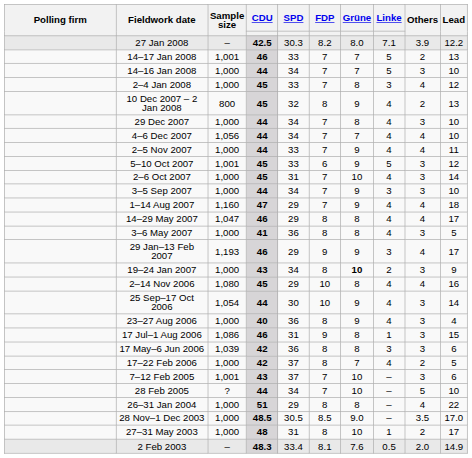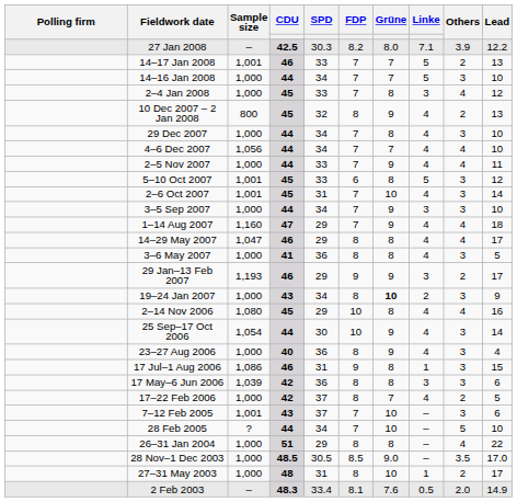 <table class="wikitable sortable" style="text-align:center;font-size:90%;line-height:14px;">
 <tr style="height:40px;">
 <th style="width:160px;" rowspan="2">Polling firm</th>
 <th style="width:130px;" rowspan="2">Fieldwork date</th>
 <th style="width:35px;" rowspan="2">Sample<br>size</th>
 <th class="unsortable" style="width:40px;"><a href='#'>CDU</a></th>
 <th class="unsortable" style="width:40px;"><a href='#'>SPD</a></th>
 <th class="unsortable" style="width:40px;"><a href='#'>FDP</a></th>
 <th class="unsortable" style="width:40px;"><a href='#'>Grüne</a></th>
 <th class="unsortable" style="width:40px;"><a href='#'>Linke</a></th>
 <th class="unsortable" style="width:40px;" rowspan="2">Others</th>
 <th style="width:30px;" rowspan="2">Lead</th>
 </tr>
 <tr>
 <th style="background:"></th>
 <th style="background:"></th>
 <th style="background:"></th>
 <th style="background:"></th>
 <th style="background:"></th>
 </tr>
 <tr style="background:#E9E9E9;">
 <td></td>
 <td data-sort-value="2008-01-27">27 Jan 2008</td>
 <td>–</td>
 <td style="background:#D7D5D7;"><strong>42.5</strong></td>
 <td>30.3</td>
 <td>8.2</td>
 <td>8.0</td>
 <td>7.1</td>
 <td>3.9</td>
 <td style="background:">12.2</td>
 </tr>
 <tr>
 <td></td>
 <td data-sort-value="2008-01-18">14–17 Jan 2008</td>
 <td>1,001</td>
 <td style="background:#D7D5D7;"><strong>46</strong></td>
 <td>33</td>
 <td>7</td>
 <td>7</td>
 <td>5</td>
 <td>2</td>
 <td style="background:">13</td>
 </tr>
 <tr>
 <td></td>
 <td data-sort-value="2008-01-17">14–16 Jan 2008</td>
 <td>1,000</td>
 <td style="background:#D7D5D7;"><strong>44</strong></td>
 <td>34</td>
 <td>7</td>
 <td>7</td>
 <td>5</td>
 <td>3</td>
 <td style="background:">10</td>
 </tr>
 <tr>
 <td></td>
 <td data-sort-value="2008-01-07">2–4 Jan 2008</td>
 <td>1,000</td>
 <td style="background:#D7D5D7;"><strong>45</strong></td>
 <td>33</td>
 <td>7</td>
 <td>8</td>
 <td>3</td>
 <td>4</td>
 <td style="background:">12</td>
 </tr>
 <tr>
 <td></td>
 <td data-sort-value="2008-01-05">10 Dec 2007 – 2 Jan 2008</td>
 <td>800</td>
 <td style="background:#D7D5D7;"><strong>45</strong></td>
 <td>32</td>
 <td>8</td>
 <td>9</td>
 <td>4</td>
 <td>2</td>
 <td style="background:">13</td>
 </tr>
 <tr>
 <td></td>
 <td data-sort-value="2007-12-29">29 Dec 2007</td>
 <td>1,000</td>
 <td style="background:#D7D5D7;"><strong>44</strong></td>
 <td>34</td>
 <td>7</td>
 <td>8</td>
 <td>4</td>
 <td>3</td>
 <td style="background:">10</td>
 </tr>
 <tr>
 <td></td>
 <td data-sort-value="2007-12-07">4–6 Dec 2007</td>
 <td>1,056</td>
 <td style="background:#D7D5D7;"><strong>44</strong></td>
 <td>34</td>
 <td>7</td>
 <td>7</td>
 <td>4</td>
 <td>4</td>
 <td style="background:">10</td>
 </tr>
 <tr>
 <td></td>
 <td data-sort-value="2007-11-07">2–5 Nov 2007</td>
 <td>1,000</td>
 <td style="background:#D7D5D7;"><strong>44</strong></td>
 <td>33</td>
 <td>7</td>
 <td>9</td>
 <td>4</td>
 <td>4</td>
 <td style="background:">11</td>
 </tr>
 <tr>
 <td></td>
 <td data-sort-value="2007-10-23">5–10 Oct 2007</td>
 <td>1,001</td>
 <td style="background:#D7D5D7;"><strong>45</strong></td>
 <td>33</td>
 <td>6</td>
-<td>9</td>
+<td>8</td>
 <td>5</td>
 <td>3</td>
 <td style="background:">12</td>
 </tr>
 <tr>
 <td></td>
 <td data-sort-value="2007-10-18">2–6 Oct 2007</td>
-<td>1,000</td>
+<td>1,001</td>
 <td style="background:#D7D5D7;"><strong>45</strong></td>
 <td>31</td>
 <td>7</td>
 <td>10</td>
 <td>4</td>
 <td>3</td>
 <td style="background:">14</td>
 </tr>
 <tr>
 <td></td>
 <td data-sort-value="2007-09-06">3–5 Sep 2007</td>
 <td>1,000</td>
 <td style="background:#D7D5D7;"><strong>44</strong></td>
 <td>34</td>
 <td>7</td>
 <td>9</td>
 <td>3</td>
 <td>3</td>
 <td style="background:">10</td>
 </tr>
 <tr>
 <td></td>
 <td data-sort-value="2007-08-16">1–14 Aug 2007</td>
 <td>1,160</td>
 <td style="background:#D7D5D7;"><strong>47</strong></td>
 <td>29</td>
 <td>7</td>
 <td>9</td>
 <td>4</td>
 <td>4</td>
 <td style="background:">18</td>
 </tr>
 <tr>
 <td></td>
 <td data-sort-value="2007-05-31">14–29 May 2007</td>
 <td>1,047</td>
 <td style="background:#D7D5D7;"><strong>46</strong></td>
 <td>29</td>
 <td>8</td>
 <td>8</td>
 <td>4</td>
 <td>4</td>
 <td style="background:">17</td>
 </tr>
 <tr>
 <td></td>
 <td data-sort-value="2007-05-21">3–6 May 2007</td>
 <td>1,000</td>
 <td style="background:#D7D5D7;"><strong>41</strong></td>
 <td>36</td>
 <td>8</td>
 <td>8</td>
 <td>4</td>
 <td>3</td>
 <td style="background:">5</td>
 </tr>
 <tr>
 <td></td>
 <td data-sort-value="2007-02-15">29 Jan–13 Feb 2007</td>
 <td>1,193</td>
 <td style="background:#D7D5D7;"><strong>46</strong></td>
 <td>29</td>
 <td>9</td>
 <td>9</td>
 <td>3</td>
-<td>4</td>
+<td>2</td>
 <td style="background:">17</td>
 </tr>
 <tr>
 <td></td>
 <td data-sort-value="2007-01-26">19–24 Jan 2007</td>
 <td>1,000</td>
 <td style="background:#D7D5D7;"><strong>43</strong></td>
 <td>34</td>
 <td>8</td>
 <td><strong>10</strong></td>
 <td>2</td>
 <td>3</td>
 <td style="background:">9</td>
 </tr>
 <tr>
 <td></td>
 <td data-sort-value="2006-11-16">2–14 Nov 2006</td>
 <td>1,080</td>
 <td style="background:#D7D5D7;"><strong>45</strong></td>
 <td>29</td>
 <td>10</td>
 <td>8</td>
 <td>4</td>
 <td>4</td>
 <td style="background:">16</td>
 </tr>
 <tr>
 <td></td>
 <td data-sort-value="2006-10-19">25 Sep–17 Oct 2006</td>
 <td>1,054</td>
 <td style="background:#D7D5D7;"><strong>44</strong></td>
 <td>30</td>
 <td>10</td>
 <td>9</td>
 <td>4</td>
 <td>3</td>
 <td style="background:">14</td>
 </tr>
 <tr>
 <td></td>
 <td data-sort-value="2006-08-30">23–27 Aug 2006</td>
 <td>1,000</td>
 <td style="background:#D7D5D7;"><strong>40</strong></td>
 <td>36</td>
 <td>8</td>
 <td>9</td>
 <td>4</td>
 <td>3</td>
 <td style="background:">4</td>
 </tr>
 <tr>
 <td></td>
 <td data-sort-value="2006-08-03">17 Jul–1 Aug 2006</td>
 <td>1,086</td>
 <td style="background:#D7D5D7;"><strong>46</strong></td>
 <td>31</td>
 <td>9</td>
 <td>8</td>
 <td>1</td>
 <td>3</td>
 <td style="background:">15</td>
 </tr>
 <tr>
 <td></td>
 <td data-sort-value="2006-06-08">17 May–6 Jun 2006</td>
 <td>1,039</td>
 <td style="background:#D7D5D7;"><strong>42</strong></td>
 <td>36</td>
 <td>8</td>
 <td>8</td>
 <td>3</td>
 <td>3</td>
 <td style="background:">6</td>
 </tr>
 <tr>
 <td></td>
 <td data-sort-value="2006-02-24">17–22 Feb 2006</td>
 <td>1,000</td>
 <td style="background:#D7D5D7;"><strong>42</strong></td>
 <td>37</td>
 <td>8</td>
 <td>7</td>
 <td>4</td>
 <td>2</td>
 <td style="background:">5</td>
 </tr>
 <tr>
 <td></td>
 <td data-sort-value="2005-03-01">7–12 Feb 2005</td>
 <td>1,001</td>
 <td style="background:#D7D5D7;"><strong>43</strong></td>
 <td>37</td>
 <td>7</td>
 <td>10</td>
 <td>–</td>
 <td>3</td>
 <td style="background:">6</td>
 </tr>
 <tr>
 <td></td>
 <td data-sort-value="2005-02-28">28 Feb 2005</td>
 <td>?</td>
 <td style="background:#D7D5D7;"><strong>44</strong></td>
 <td>34</td>
 <td>7</td>
 <td>10</td>
 <td>–</td>
 <td>5</td>
 <td style="background:">10</td>
 </tr>
 <tr>
 <td></td>
 <td data-sort-value="2004-02-03">26–31 Jan 2004</td>
 <td>1,000</td>
 <td style="background:#D7D5D7;"><strong>51</strong></td>
 <td>29</td>
 <td>8</td>
 <td>8</td>
 <td>–</td>
 <td>4</td>
 <td style="background:">22</td>
 </tr>
 <tr>
 <td></td>
 <td data-sort-value="2004-01-25">28 Nov–1 Dec 2003</td>
 <td>1,000</td>
 <td style="background:#D7D5D7;"><strong>48.5</strong></td>
 <td>30.5</td>
 <td>8.5</td>
 <td>9.0</td>
 <td>–</td>
 <td>3.5</td>
 <td style="background:">17.0</td>
 </tr>
 <tr>
 <td></td>
 <td data-sort-value="2003-06-10">27–31 May 2003</td>
 <td>1,000</td>
 <td style="background:#D7D5D7;"><strong>48</strong></td>
 <td>31</td>
 <td>8</td>
 <td>10</td>
 <td>1</td>
 <td>2</td>
 <td style="background:">17</td>
 </tr>
 <tr style="background:#E9E9E9;">
 <td></td>
 <td data-sort-value="2008-02-02">2 Feb 2003</td>
 <td>–</td>
 <td style="background:#D7D5D7;"><strong>48.3</strong></td>
 <td>33.4</td>
 <td>8.1</td>
 <td>7.6</td>
 <td>0.5</td>
 <td>2.0</td>
 <td style="background:">14.9</td>
 </tr>
 </table>
